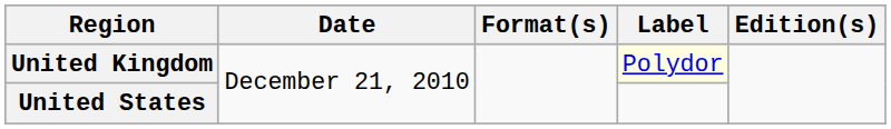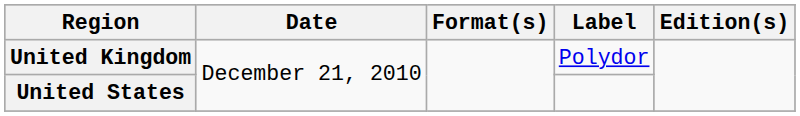 <table class="wikitable plainrowheaders">
 <tr>
 <th scope="col">Region</th>
 <th scope="col">Date</th>
 <th scope="col">Format(s)</th>
 <th scope="col">Label</th>
 <th scope="col">Edition(s)</th>
 </tr>
 <tr>
 <th scope="row">United Kingdom</th>
 <td rowspan="2">December 21, 2010</td>
 <td rowspan="2"></td>
-<td style="background: lightyellow;"><a href='#'>Polydor</a></td>
+<td><a href='#'>Polydor</a></td>
 <td rowspan="2"></td>
 </tr>
 <tr>
 <th scope="row">United States</th>
 <td></td>
 </tr>
 </table>
